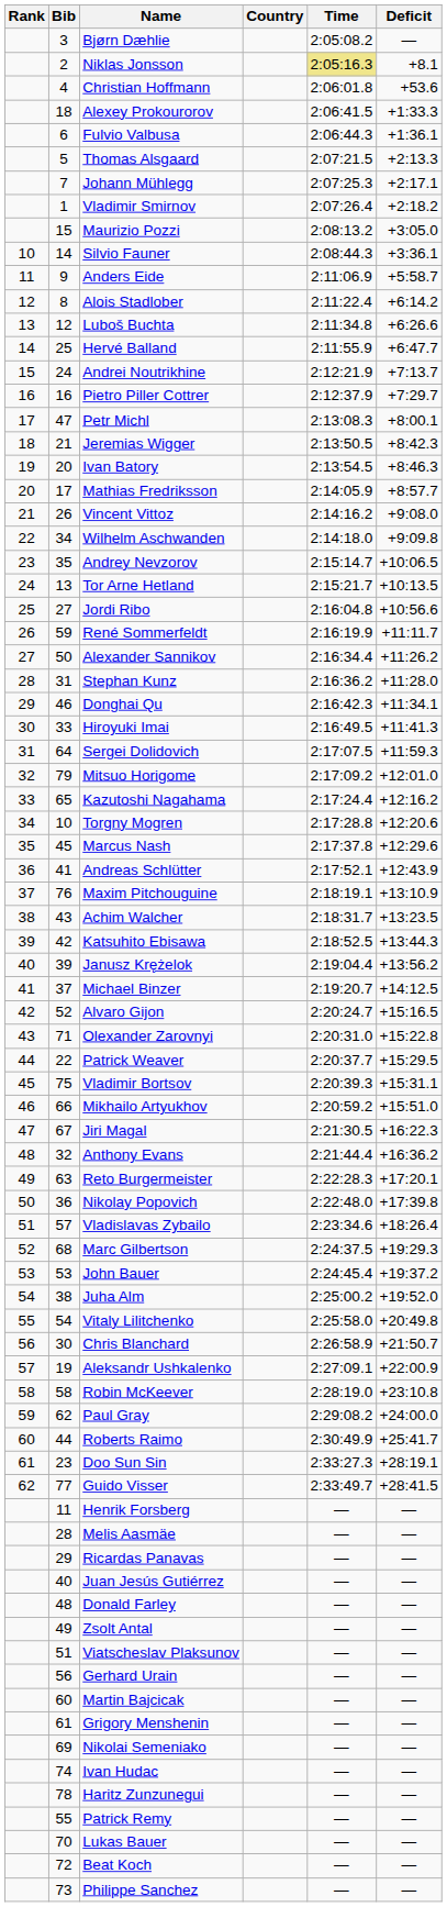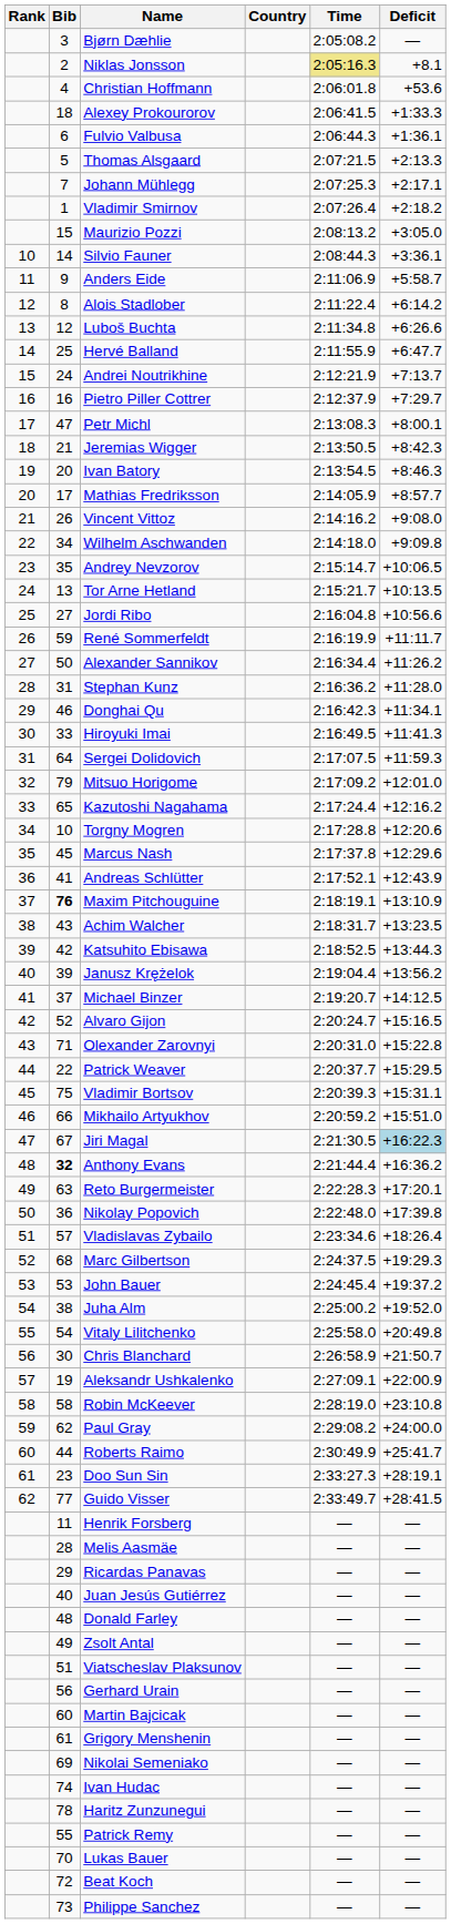 <table class="wikitable sortable" style="text-align:center">
 <tr>
 <th>Rank</th>
 <th>Bib</th>
 <th>Name</th>
 <th>Country</th>
 <th>Time</th>
 <th>Deficit</th>
 </tr>
 <tr>
 <td></td>
 <td>3</td>
 <td align="left"><a href='#'>Bjørn Dæhlie</a></td>
 <td align="left"></td>
 <td>2:05:08.2</td>
 <td>—</td>
 </tr>
 <tr>
 <td></td>
 <td>2</td>
 <td align="left"><a href='#'>Niklas Jonsson</a></td>
 <td align="left"></td>
 <td style="background: khaki;">2:05:16.3</td>
 <td align="right">+8.1</td>
 </tr>
 <tr>
 <td></td>
 <td>4</td>
 <td align="left"><a href='#'>Christian Hoffmann</a></td>
 <td align="left"></td>
 <td>2:06:01.8</td>
 <td align="right">+53.6</td>
 </tr>
 <tr>
 <td></td>
 <td>18</td>
 <td align="left"><a href='#'>Alexey Prokourorov</a></td>
 <td align="left"></td>
 <td>2:06:41.5</td>
 <td align="right">+1:33.3</td>
 </tr>
 <tr>
 <td></td>
 <td>6</td>
 <td align="left"><a href='#'>Fulvio Valbusa</a></td>
 <td align="left"></td>
 <td>2:06:44.3</td>
 <td align="right">+1:36.1</td>
 </tr>
 <tr>
 <td></td>
 <td>5</td>
 <td align="left"><a href='#'>Thomas Alsgaard</a></td>
 <td align="left"></td>
 <td>2:07:21.5</td>
 <td align="right">+2:13.3</td>
 </tr>
 <tr>
 <td></td>
 <td>7</td>
 <td align="left"><a href='#'>Johann Mühlegg</a></td>
 <td align="left"></td>
 <td>2:07:25.3</td>
 <td align="right">+2:17.1</td>
 </tr>
 <tr>
 <td></td>
 <td>1</td>
 <td align="left"><a href='#'>Vladimir Smirnov</a></td>
 <td align="left"></td>
 <td>2:07:26.4</td>
 <td align="right">+2:18.2</td>
 </tr>
 <tr>
 <td></td>
 <td>15</td>
 <td align="left"><a href='#'>Maurizio Pozzi</a></td>
 <td align="left"></td>
 <td>2:08:13.2</td>
 <td align="right">+3:05.0</td>
 </tr>
 <tr>
 <td>10</td>
 <td>14</td>
 <td align="left"><a href='#'>Silvio Fauner</a></td>
 <td align="left"></td>
 <td>2:08:44.3</td>
 <td align="right">+3:36.1</td>
 </tr>
 <tr>
 <td>11</td>
 <td>9</td>
 <td align="left"><a href='#'>Anders Eide</a></td>
 <td align="left"></td>
 <td>2:11:06.9</td>
 <td align="right">+5:58.7</td>
 </tr>
 <tr>
 <td>12</td>
 <td>8</td>
 <td align="left"><a href='#'>Alois Stadlober</a></td>
 <td align="left"></td>
 <td>2:11:22.4</td>
 <td align="right">+6:14.2</td>
 </tr>
 <tr>
 <td>13</td>
 <td>12</td>
 <td align="left"><a href='#'>Luboš Buchta</a></td>
 <td align="left"></td>
 <td>2:11:34.8</td>
 <td align="right">+6:26.6</td>
 </tr>
 <tr>
 <td>14</td>
 <td>25</td>
 <td align="left"><a href='#'>Hervé Balland</a></td>
 <td align="left"></td>
 <td>2:11:55.9</td>
 <td align="right">+6:47.7</td>
 </tr>
 <tr>
 <td>15</td>
 <td>24</td>
 <td align="left"><a href='#'>Andrei Noutrikhine</a></td>
 <td align="left"></td>
 <td>2:12:21.9</td>
 <td align="right">+7:13.7</td>
 </tr>
 <tr>
 <td>16</td>
 <td>16</td>
 <td align="left"><a href='#'>Pietro Piller Cottrer</a></td>
 <td align="left"></td>
 <td>2:12:37.9</td>
 <td align="right">+7:29.7</td>
 </tr>
 <tr>
 <td>17</td>
 <td>47</td>
 <td align="left"><a href='#'>Petr Michl</a></td>
 <td align="left"></td>
 <td>2:13:08.3</td>
 <td align="right">+8:00.1</td>
 </tr>
 <tr>
 <td>18</td>
 <td>21</td>
 <td align="left"><a href='#'>Jeremias Wigger</a></td>
 <td align="left"></td>
 <td>2:13:50.5</td>
 <td align="right">+8:42.3</td>
 </tr>
 <tr>
 <td>19</td>
 <td>20</td>
 <td align="left"><a href='#'>Ivan Batory</a></td>
 <td align="left"></td>
 <td>2:13:54.5</td>
 <td align="right">+8:46.3</td>
 </tr>
 <tr>
 <td>20</td>
 <td>17</td>
 <td align="left"><a href='#'>Mathias Fredriksson</a></td>
 <td align="left"></td>
 <td>2:14:05.9</td>
 <td align="right">+8:57.7</td>
 </tr>
 <tr>
 <td>21</td>
 <td>26</td>
 <td align="left"><a href='#'>Vincent Vittoz</a></td>
 <td align="left"></td>
 <td>2:14:16.2</td>
 <td align="right">+9:08.0</td>
 </tr>
 <tr>
 <td>22</td>
 <td>34</td>
 <td align="left"><a href='#'>Wilhelm Aschwanden</a></td>
 <td align="left"></td>
 <td>2:14:18.0</td>
 <td align="right">+9:09.8</td>
 </tr>
 <tr>
 <td>23</td>
 <td>35</td>
 <td align="left"><a href='#'>Andrey Nevzorov</a></td>
 <td align="left"></td>
 <td>2:15:14.7</td>
 <td align="right">+10:06.5</td>
 </tr>
 <tr>
 <td>24</td>
 <td>13</td>
 <td align="left"><a href='#'>Tor Arne Hetland</a></td>
 <td align="left"></td>
 <td>2:15:21.7</td>
 <td align="right">+10:13.5</td>
 </tr>
 <tr>
 <td>25</td>
 <td>27</td>
 <td align="left"><a href='#'>Jordi Ribo</a></td>
 <td align="left"></td>
 <td>2:16:04.8</td>
 <td align="right">+10:56.6</td>
 </tr>
 <tr>
 <td>26</td>
 <td>59</td>
 <td align="left"><a href='#'>René Sommerfeldt</a></td>
 <td align="left"></td>
 <td>2:16:19.9</td>
 <td align="right">+11:11.7</td>
 </tr>
 <tr>
 <td>27</td>
 <td>50</td>
 <td align="left"><a href='#'>Alexander Sannikov</a></td>
 <td align="left"></td>
 <td>2:16:34.4</td>
 <td align="right">+11:26.2</td>
 </tr>
 <tr>
 <td>28</td>
 <td>31</td>
 <td align="left"><a href='#'>Stephan Kunz</a></td>
 <td align="left"></td>
 <td>2:16:36.2</td>
 <td align="right">+11:28.0</td>
 </tr>
 <tr>
 <td>29</td>
 <td>46</td>
 <td align="left"><a href='#'>Donghai Qu</a></td>
 <td align="left"></td>
 <td>2:16:42.3</td>
 <td align="right">+11:34.1</td>
 </tr>
 <tr>
 <td>30</td>
 <td>33</td>
 <td align="left"><a href='#'>Hiroyuki Imai</a></td>
 <td align="left"></td>
 <td>2:16:49.5</td>
 <td align="right">+11:41.3</td>
 </tr>
 <tr>
 <td>31</td>
 <td>64</td>
 <td align="left"><a href='#'>Sergei Dolidovich</a></td>
 <td align="left"></td>
 <td>2:17:07.5</td>
 <td align="right">+11:59.3</td>
 </tr>
 <tr>
 <td>32</td>
 <td>79</td>
 <td align="left"><a href='#'>Mitsuo Horigome</a></td>
 <td align="left"></td>
 <td>2:17:09.2</td>
 <td align="right">+12:01.0</td>
 </tr>
 <tr>
 <td>33</td>
 <td>65</td>
 <td align="left"><a href='#'>Kazutoshi Nagahama</a></td>
 <td align="left"></td>
 <td>2:17:24.4</td>
 <td align="right">+12:16.2</td>
 </tr>
 <tr>
 <td>34</td>
 <td>10</td>
 <td align="left"><a href='#'>Torgny Mogren</a></td>
 <td align="left"></td>
 <td>2:17:28.8</td>
 <td align="right">+12:20.6</td>
 </tr>
 <tr>
 <td>35</td>
 <td>45</td>
 <td align="left"><a href='#'>Marcus Nash</a></td>
 <td align="left"></td>
 <td>2:17:37.8</td>
 <td align="right">+12:29.6</td>
 </tr>
 <tr>
 <td>36</td>
 <td>41</td>
 <td align="left"><a href='#'>Andreas Schlütter</a></td>
 <td align="left"></td>
 <td>2:17:52.1</td>
 <td align="right">+12:43.9</td>
 </tr>
 <tr>
 <td>37</td>
-<td>76</td>
+<td><strong>76</strong></td>
 <td align="left"><a href='#'>Maxim Pitchouguine</a></td>
 <td align="left"></td>
 <td>2:18:19.1</td>
 <td align="right">+13:10.9</td>
 </tr>
 <tr>
 <td>38</td>
 <td>43</td>
 <td align="left"><a href='#'>Achim Walcher</a></td>
 <td align="left"></td>
 <td>2:18:31.7</td>
 <td align="right">+13:23.5</td>
 </tr>
 <tr>
 <td>39</td>
 <td>42</td>
 <td align="left"><a href='#'>Katsuhito Ebisawa</a></td>
 <td align="left"></td>
 <td>2:18:52.5</td>
 <td align="right">+13:44.3</td>
 </tr>
 <tr>
 <td>40</td>
 <td>39</td>
 <td align="left"><a href='#'>Janusz Krężelok</a></td>
 <td align="left"></td>
 <td>2:19:04.4</td>
 <td align="right">+13:56.2</td>
 </tr>
 <tr>
 <td>41</td>
 <td>37</td>
 <td align="left"><a href='#'>Michael Binzer</a></td>
 <td align="left"></td>
 <td>2:19:20.7</td>
 <td align="right">+14:12.5</td>
 </tr>
 <tr>
 <td>42</td>
 <td>52</td>
 <td align="left"><a href='#'>Alvaro Gijon</a></td>
 <td align="left"></td>
 <td>2:20:24.7</td>
 <td align="right">+15:16.5</td>
 </tr>
 <tr>
 <td>43</td>
 <td>71</td>
 <td align="left"><a href='#'>Olexander Zarovnyi</a></td>
 <td align="left"></td>
 <td>2:20:31.0</td>
 <td align="right">+15:22.8</td>
 </tr>
 <tr>
 <td>44</td>
 <td>22</td>
 <td align="left"><a href='#'>Patrick Weaver</a></td>
 <td align="left"></td>
 <td>2:20:37.7</td>
 <td align="right">+15:29.5</td>
 </tr>
 <tr>
 <td>45</td>
 <td>75</td>
 <td align="left"><a href='#'>Vladimir Bortsov</a></td>
 <td align="left"></td>
 <td>2:20:39.3</td>
 <td align="right">+15:31.1</td>
 </tr>
 <tr>
 <td>46</td>
 <td>66</td>
 <td align="left"><a href='#'>Mikhailo Artyukhov</a></td>
 <td align="left"></td>
 <td>2:20:59.2</td>
 <td align="right">+15:51.0</td>
 </tr>
 <tr>
 <td>47</td>
 <td>67</td>
 <td align="left"><a href='#'>Jiri Magal</a></td>
 <td align="left"></td>
 <td>2:21:30.5</td>
-<td align="right">+16:22.3</td>
+<td align="right" style="background: lightblue;">+16:22.3</td>
 </tr>
 <tr>
 <td>48</td>
-<td>32</td>
+<td><strong>32</strong></td>
 <td align="left"><a href='#'>Anthony Evans</a></td>
 <td align="left"></td>
 <td>2:21:44.4</td>
 <td align="right">+16:36.2</td>
 </tr>
 <tr>
 <td>49</td>
 <td>63</td>
 <td align="left"><a href='#'>Reto Burgermeister</a></td>
 <td align="left"></td>
 <td>2:22:28.3</td>
 <td align="right">+17:20.1</td>
 </tr>
 <tr>
 <td>50</td>
 <td>36</td>
 <td align="left"><a href='#'>Nikolay Popovich</a></td>
 <td align="left"></td>
 <td>2:22:48.0</td>
 <td align="right">+17:39.8</td>
 </tr>
 <tr>
 <td>51</td>
 <td>57</td>
 <td align="left"><a href='#'>Vladislavas Zybailo</a></td>
 <td align="left"></td>
 <td>2:23:34.6</td>
 <td align="right">+18:26.4</td>
 </tr>
 <tr>
 <td>52</td>
 <td>68</td>
 <td align="left"><a href='#'>Marc Gilbertson</a></td>
 <td align="left"></td>
 <td>2:24:37.5</td>
 <td align="right">+19:29.3</td>
 </tr>
 <tr>
 <td>53</td>
 <td>53</td>
 <td align="left"><a href='#'>John Bauer</a></td>
 <td align="left"></td>
 <td>2:24:45.4</td>
 <td align="right">+19:37.2</td>
 </tr>
 <tr>
 <td>54</td>
 <td>38</td>
 <td align="left"><a href='#'>Juha Alm</a></td>
 <td align="left"></td>
 <td>2:25:00.2</td>
 <td align="right">+19:52.0</td>
 </tr>
 <tr>
 <td>55</td>
 <td>54</td>
 <td align="left"><a href='#'>Vitaly Lilitchenko</a></td>
 <td align="left"></td>
 <td>2:25:58.0</td>
 <td align="right">+20:49.8</td>
 </tr>
 <tr>
 <td>56</td>
 <td>30</td>
 <td align="left"><a href='#'>Chris Blanchard</a></td>
 <td align="left"></td>
 <td>2:26:58.9</td>
 <td align="right">+21:50.7</td>
 </tr>
 <tr>
 <td>57</td>
 <td>19</td>
 <td align="left"><a href='#'>Aleksandr Ushkalenko</a></td>
 <td align="left"></td>
 <td>2:27:09.1</td>
 <td align="right">+22:00.9</td>
 </tr>
 <tr>
 <td>58</td>
 <td>58</td>
 <td align="left"><a href='#'>Robin McKeever</a></td>
 <td align="left"></td>
 <td>2:28:19.0</td>
 <td align="right">+23:10.8</td>
 </tr>
 <tr>
 <td>59</td>
 <td>62</td>
 <td align="left"><a href='#'>Paul Gray</a></td>
 <td align="left"></td>
 <td>2:29:08.2</td>
 <td align="right">+24:00.0</td>
 </tr>
 <tr>
 <td>60</td>
 <td>44</td>
 <td align="left"><a href='#'>Roberts Raimo</a></td>
 <td align="left"></td>
 <td>2:30:49.9</td>
 <td align="right">+25:41.7</td>
 </tr>
 <tr>
 <td>61</td>
 <td>23</td>
 <td align="left"><a href='#'>Doo Sun Sin</a></td>
 <td align="left"></td>
 <td>2:33:27.3</td>
 <td align="right">+28:19.1</td>
 </tr>
 <tr>
 <td>62</td>
 <td>77</td>
 <td align="left"><a href='#'>Guido Visser</a></td>
 <td align="left"></td>
 <td>2:33:49.7</td>
 <td align="right">+28:41.5</td>
 </tr>
 <tr>
 <td></td>
 <td>11</td>
 <td align="left"><a href='#'>Henrik Forsberg</a></td>
 <td align="left"></td>
 <td>—</td>
 <td>—</td>
 </tr>
 <tr>
 <td></td>
 <td>28</td>
 <td align="left"><a href='#'>Melis Aasmäe</a></td>
 <td align="left"></td>
 <td>—</td>
 <td>—</td>
 </tr>
 <tr>
 <td></td>
 <td>29</td>
 <td align="left"><a href='#'>Ricardas Panavas</a></td>
 <td align="left"></td>
 <td>—</td>
 <td>—</td>
 </tr>
 <tr>
 <td></td>
 <td>40</td>
 <td align="left"><a href='#'>Juan Jesús Gutiérrez</a></td>
 <td align="left"></td>
 <td>—</td>
 <td>—</td>
 </tr>
 <tr>
 <td></td>
 <td>48</td>
 <td align="left"><a href='#'>Donald Farley</a></td>
 <td align="left"></td>
 <td>—</td>
 <td>—</td>
 </tr>
 <tr>
 <td></td>
 <td>49</td>
 <td align="left"><a href='#'>Zsolt Antal</a></td>
 <td align="left"></td>
 <td>—</td>
 <td>—</td>
 </tr>
 <tr>
 <td></td>
 <td>51</td>
 <td align="left"><a href='#'>Viatscheslav Plaksunov</a></td>
 <td align="left"></td>
 <td>—</td>
 <td>—</td>
 </tr>
 <tr>
 <td></td>
 <td>56</td>
 <td align="left"><a href='#'>Gerhard Urain</a></td>
 <td align="left"></td>
 <td>—</td>
 <td>—</td>
 </tr>
 <tr>
 <td></td>
 <td>60</td>
 <td align="left"><a href='#'>Martin Bajcicak</a></td>
 <td align="left"></td>
 <td>—</td>
 <td>—</td>
 </tr>
 <tr>
 <td></td>
 <td>61</td>
 <td align="left"><a href='#'>Grigory Menshenin</a></td>
 <td align="left"></td>
 <td>—</td>
 <td>—</td>
 </tr>
 <tr>
 <td></td>
 <td>69</td>
 <td align="left"><a href='#'>Nikolai Semeniako</a></td>
 <td align="left"></td>
 <td>—</td>
 <td>—</td>
 </tr>
 <tr>
 <td></td>
 <td>74</td>
 <td align="left"><a href='#'>Ivan Hudac</a></td>
 <td align="left"></td>
 <td>—</td>
 <td>—</td>
 </tr>
 <tr>
 <td></td>
 <td>78</td>
 <td align="left"><a href='#'>Haritz Zunzunegui</a></td>
 <td align="left"></td>
 <td>—</td>
 <td>—</td>
 </tr>
 <tr>
 <td></td>
 <td>55</td>
 <td align="left"><a href='#'>Patrick Remy</a></td>
 <td align="left"></td>
 <td>—</td>
 <td>—</td>
 </tr>
 <tr>
 <td></td>
 <td>70</td>
 <td align="left"><a href='#'>Lukas Bauer</a></td>
 <td align="left"></td>
 <td>—</td>
 <td>—</td>
 </tr>
 <tr>
 <td></td>
 <td>72</td>
 <td align="left"><a href='#'>Beat Koch</a></td>
 <td align="left"></td>
 <td>—</td>
 <td>—</td>
 </tr>
 <tr>
 <td></td>
 <td>73</td>
 <td align="left"><a href='#'>Philippe Sanchez</a></td>
 <td align="left"></td>
 <td>—</td>
 <td>—</td>
 </tr>
 </table>
